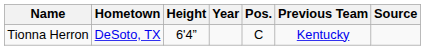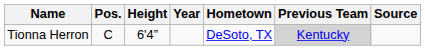 <table class="wikitable sortable" border="1">
 <tr>
 <th style="text-align:center; ">Name</th>
-<th style="text-align:center; ">Hometown</th>
+<th style="text-align:center; ">Pos.</th>
 <th style="text-align:center; ">Height</th>
 <th style="text-align:center; ">Year</th>
-<th style="text-align:center; ">Pos.</th>
+<th style="text-align:center; ">Hometown</th>
 <th style="text-align:center; ">Previous Team</th>
 <th style="text-align:center; ">Source</th>
 </tr>
 <tr align="center">
 <td>Tionna Herron</td>
-<td><a href='#'>DeSoto, TX</a></td>
+<td>C</td>
 <td>6'4”</td>
 <td></td>
-<td>C</td>
-<td><a href='#'>Kentucky</a></td>
+<td><a href='#'>DeSoto, TX</a></td>
+<td style="background: lightgrey;"><a href='#'>Kentucky</a></td>
 <td></td>
 </tr>
 </table>
